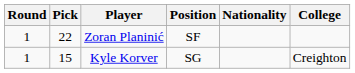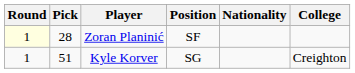 <table class="wikitable sortable sortable">
 <tr>
 <th>Round</th>
 <th>Pick</th>
 <th>Player</th>
 <th>Position</th>
 <th>Nationality</th>
 <th>College</th>
 </tr>
 <tr style="text-align: center">
-<td>1</td>
-<td>22</td>
+<td style="background: lightyellow;">1</td>
+<td>28</td>
 <td><a href='#'>Zoran Planinić</a></td>
 <td>SF</td>
 <td></td>
 <td></td>
 </tr>
 <tr style="text-align: center">
 <td>1</td>
-<td>15</td>
+<td>51</td>
 <td><a href='#'>Kyle Korver</a></td>
 <td>SG</td>
 <td></td>
 <td>Creighton</td>
 </tr>
 </table>
